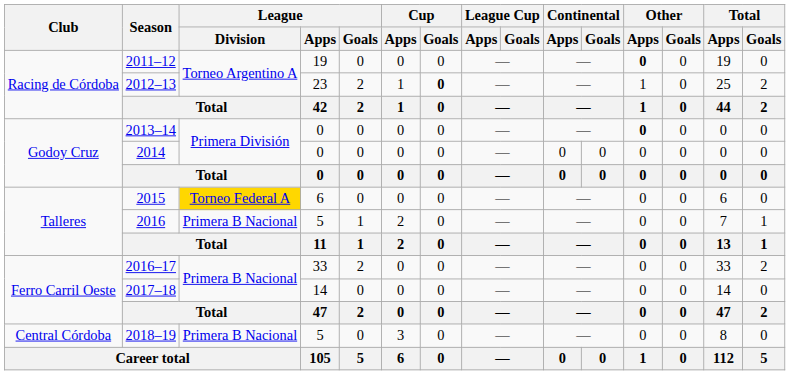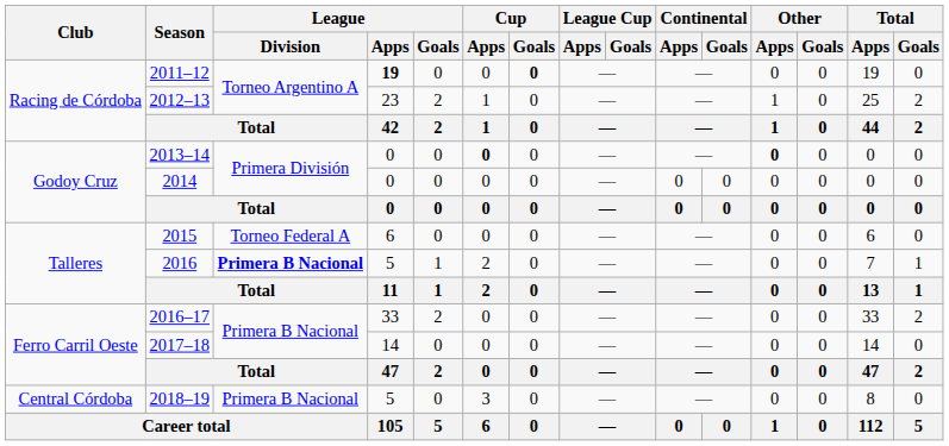 <table class="wikitable" style="text-align:center">
 <tr>
 <th rowspan="2">Club</th>
 <th rowspan="2">Season</th>
 <th colspan="3">League</th>
 <th colspan="2">Cup</th>
 <th colspan="2">League Cup</th>
 <th colspan="2">Continental</th>
 <th colspan="2">Other</th>
 <th colspan="2">Total</th>
 </tr>
 <tr>
 <th>Division</th>
 <th>Apps</th>
 <th>Goals</th>
 <th>Apps</th>
 <th>Goals</th>
 <th>Apps</th>
 <th>Goals</th>
 <th>Apps</th>
 <th>Goals</th>
 <th>Apps</th>
 <th>Goals</th>
 <th>Apps</th>
 <th>Goals</th>
 </tr>
 <tr>
 <td rowspan="3"><a href='#'>Racing de Córdoba</a></td>
 <td><a href='#'>2011–12</a></td>
 <td rowspan="2"><a href='#'>Torneo Argentino A</a></td>
-<td>19</td>
+<td><strong>19</strong></td>
 <td>0</td>
 <td>0</td>
-<td>0</td>
+<td><strong>0</strong></td>
 <td colspan="2">—</td>
 <td colspan="2">—</td>
-<td><strong>0</strong></td>
+<td>0</td>
 <td>0</td>
 <td>19</td>
 <td>0</td>
 </tr>
 <tr>
 <td><a href='#'>2012–13</a></td>
 <td>23</td>
 <td>2</td>
 <td>1</td>
-<td><strong>0</strong></td>
+<td>0</td>
 <td colspan="2">—</td>
 <td colspan="2">—</td>
 <td>1</td>
 <td>0</td>
 <td>25</td>
 <td>2</td>
 </tr>
 <tr>
 <th colspan="2">Total</th>
 <th>42</th>
 <th>2</th>
 <th>1</th>
 <th>0</th>
 <th colspan="2">—</th>
 <th colspan="2">—</th>
 <th>1</th>
 <th>0</th>
 <th>44</th>
 <th>2</th>
 </tr>
 <tr>
 <td rowspan="3"><a href='#'>Godoy Cruz</a></td>
 <td><a href='#'>2013–14</a></td>
 <td rowspan="2"><a href='#'>Primera División</a></td>
 <td>0</td>
 <td>0</td>
-<td>0</td>
+<td><strong>0</strong></td>
 <td>0</td>
 <td colspan="2">—</td>
 <td colspan="2">—</td>
 <td><strong>0</strong></td>
 <td>0</td>
 <td>0</td>
 <td>0</td>
 </tr>
 <tr>
 <td><a href='#'>2014</a></td>
 <td>0</td>
 <td>0</td>
 <td>0</td>
 <td>0</td>
 <td colspan="2">—</td>
 <td>0</td>
 <td>0</td>
 <td>0</td>
 <td>0</td>
 <td>0</td>
 <td>0</td>
 </tr>
 <tr>
 <th colspan="2">Total</th>
 <th>0</th>
 <th>0</th>
 <th>0</th>
 <th>0</th>
 <th colspan="2">—</th>
 <th>0</th>
 <th>0</th>
 <th>0</th>
 <th>0</th>
 <th>0</th>
 <th>0</th>
 </tr>
 <tr>
 <td rowspan="3"><a href='#'>Talleres</a></td>
 <td><a href='#'>2015</a></td>
-<td rowspan="1" style="background: gold;"><a href='#'>Torneo Federal A</a></td>
+<td rowspan="1"><a href='#'>Torneo Federal A</a></td>
 <td>6</td>
 <td>0</td>
 <td>0</td>
 <td>0</td>
 <td colspan="2">—</td>
 <td colspan="2">—</td>
 <td>0</td>
 <td>0</td>
 <td>6</td>
 <td>0</td>
 </tr>
 <tr>
 <td><a href='#'>2016</a></td>
-<td rowspan="1"><a href='#'>Primera B Nacional</a></td>
+<td rowspan="1"><strong><a href='#'>Primera B Nacional</a></strong></td>
 <td>5</td>
 <td>1</td>
 <td>2</td>
 <td>0</td>
 <td colspan="2">—</td>
 <td colspan="2">—</td>
 <td>0</td>
 <td>0</td>
 <td>7</td>
 <td>1</td>
 </tr>
 <tr>
 <th colspan="2">Total</th>
 <th>11</th>
 <th>1</th>
 <th>2</th>
 <th>0</th>
 <th colspan="2">—</th>
 <th colspan="2">—</th>
 <th>0</th>
 <th>0</th>
 <th>13</th>
 <th>1</th>
 </tr>
 <tr>
 <td rowspan="3"><a href='#'>Ferro Carril Oeste</a></td>
 <td><a href='#'>2016–17</a></td>
 <td rowspan="2"><a href='#'>Primera B Nacional</a></td>
 <td>33</td>
 <td>2</td>
 <td>0</td>
 <td>0</td>
 <td colspan="2">—</td>
 <td colspan="2">—</td>
 <td>0</td>
 <td>0</td>
 <td>33</td>
 <td>2</td>
 </tr>
 <tr>
 <td><a href='#'>2017–18</a></td>
 <td>14</td>
 <td>0</td>
 <td>0</td>
 <td>0</td>
 <td colspan="2">—</td>
 <td colspan="2">—</td>
 <td>0</td>
 <td>0</td>
 <td>14</td>
 <td>0</td>
 </tr>
 <tr>
 <th colspan="2">Total</th>
 <th>47</th>
 <th>2</th>
 <th>0</th>
 <th>0</th>
 <th colspan="2">—</th>
 <th colspan="2">—</th>
 <th>0</th>
 <th>0</th>
 <th>47</th>
 <th>2</th>
 </tr>
 <tr>
 <td rowspan="1"><a href='#'>Central Córdoba</a></td>
 <td><a href='#'>2018–19</a></td>
 <td rowspan="1"><a href='#'>Primera B Nacional</a></td>
 <td>5</td>
 <td>0</td>
 <td>3</td>
 <td>0</td>
 <td colspan="2">—</td>
 <td colspan="2">—</td>
 <td>0</td>
 <td>0</td>
 <td>8</td>
 <td>0</td>
 </tr>
 <tr>
 <th colspan="3">Career total</th>
 <th>105</th>
 <th>5</th>
 <th>6</th>
 <th>0</th>
 <th colspan="2">—</th>
 <th>0</th>
 <th>0</th>
 <th>1</th>
 <th>0</th>
 <th>112</th>
 <th>5</th>
 </tr>
 </table>
